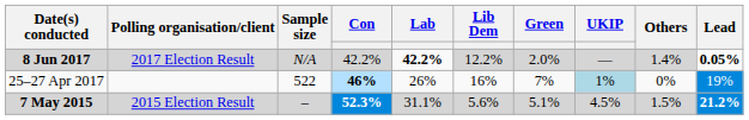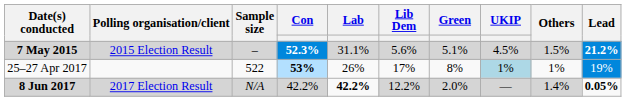 <table class="wikitable sortable mw-datatable" style="text-align:center;font-size:85%;line-height:14px">
 <tr>
 <th rowspan="2">Date(s)<br>conducted</th>
 <th rowspan="2">Polling organisation/client</th>
 <th rowspan="2">Sample<br>size</th>
 <th style="width:50px;" class="unsortable"><a href='#'>Con</a></th>
 <th style="width:50px;" class="unsortable"><a href='#'>Lab</a></th>
 <th style="width:50px;" class="unsortable"><a href='#'>Lib Dem</a></th>
 <th style="width:50px;" class="unsortable"><a href='#'>Green</a></th>
 <th style="width:50px;" class="unsortable"><a href='#'>UKIP</a></th>
 <th style="width:50px;" rowspan="2" class="unsortable">Others</th>
 <th class="unsortable" style="width:20px;" rowspan="2">Lead</th>
 </tr>
 <tr>
 <th class="unsortable" style="color:inherit;background:"></th>
 <th class="unsortable" style="color:inherit;background:"></th>
 <th class="unsortable" style="color:inherit;background:"></th>
 <th class="unsortable" style="color:inherit;background:"></th>
 <th class="unsortable" style="color:inherit;background:"></th>
 </tr>
 <tr>
+<td style="background:#D5D5D5"><strong>7 May 2015</strong></td>
+<td style="background:#D5D5D5"><a href='#'>2015 Election Result</a></td>
+<td style="background:#D5D5D5">–</td>
+<td style="background:#0087dc; color:white;"><strong>52.3%</strong></td>
+<td style="background:#D5D5D5">31.1%</td>
+<td style="background:#D5D5D5">5.6%</td>
+<td style="background:#D5D5D5">5.1%</td>
+<td style="background:#D5D5D5">4.5%</td>
+<td style="background:#D5D5D5">1.5%</td>
+<td style="background:#0087DC; color:white;"><strong>21.2%</strong></td>
+</tr>
+<tr>
+<td rowspan=1>25–27 Apr 2017</td>
+<td rowspan=1></td>
+<td rowspan=1>522</td>
+<td style="background:#B3E0FF"><strong>53%</strong></td>
+<td>26%</td>
+<td>17%</td>
+<td>8%</td>
+<td style="background: lightblue;">1%</td>
+<td>1%</td>
+<td style="background:#0087DC; color:white;">19%</td>
+</tr>
+<tr>
 <td style="background:#D5D5D5"><strong>8 Jun 2017</strong></td>
 <td style="background:#D5D5D5"><a href='#'>2017 Election Result</a></td>
 <td style="background:#D5D5D5"><em>N/A</em></td>
 <td style="background:#D5D5D5">42.2%</td>
 <td style="background:"><strong>42.2%</strong></td>
 <td style="background:#D5D5D5">12.2%</td>
 <td style="background:#D5D5D5">2.0%</td>
 <td style="background:#D5D5D5">—</td>
 <td style="background:#D5D5D5">1.4%</td>
 <td style="background:"><strong>0.05%</strong></td>
 </tr>
-<tr>
-<td rowspan=1>25–27 Apr 2017</td>
-<td rowspan=1></td>
-<td rowspan=1>522</td>
-<td style="background:#B3E0FF"><strong>46%</strong></td>
-<td>26%</td>
-<td>16%</td>
-<td>7%</td>
-<td style="background: lightblue;">1%</td>
-<td>0%</td>
-<td style="background:#0087DC; color:white;">19%</td>
-</tr>
-<tr>
-<td style="background:#D5D5D5"><strong>7 May 2015</strong></td>
-<td style="background:#D5D5D5"><a href='#'>2015 Election Result</a></td>
-<td style="background:#D5D5D5">–</td>
-<td style="background:#0087dc; color:white;"><strong>52.3%</strong></td>
-<td style="background:#D5D5D5">31.1%</td>
-<td style="background:#D5D5D5">5.6%</td>
-<td style="background:#D5D5D5">5.1%</td>
-<td style="background:#D5D5D5">4.5%</td>
-<td style="background:#D5D5D5">1.5%</td>
-<td style="background:#0087DC; color:white;"><strong>21.2%</strong></td>
-</tr>
 </table>
